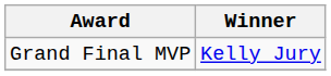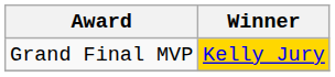 <table class="wikitable collapsible">
 <tr>
 <th>Award</th>
 <th>Winner</th>
 </tr>
 <tr>
 <td>Grand Final MVP</td>
-<td><a href='#'>Kelly Jury</a></td>
+<td style="background: gold;"><a href='#'>Kelly Jury</a></td>
 </tr>
 <tr>
 </tr>
 </table>
